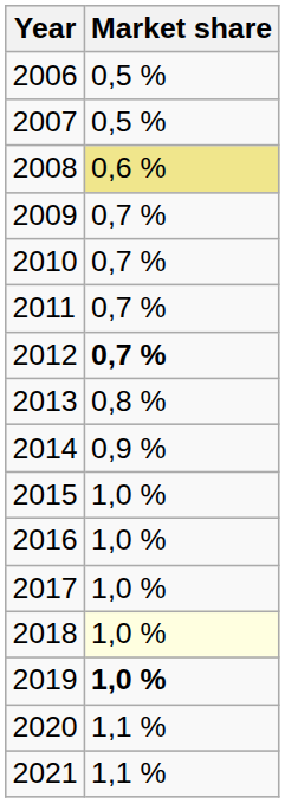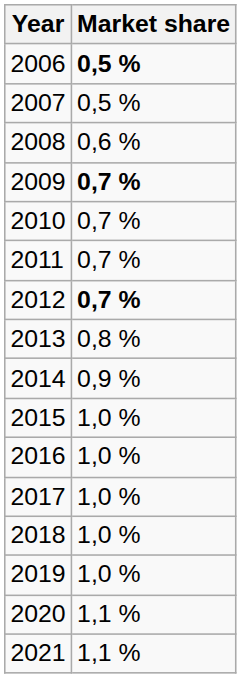 <table class="wikitable">
 <tr>
 <th>Year</th>
 <th>Market share</th>
 </tr>
 <tr>
 <td>2006</td>
-<td>0,5 %</td>
+<td><strong>0,5 %</strong></td>
 </tr>
 <tr>
 <td>2007</td>
 <td>0,5 %</td>
 </tr>
 <tr>
 <td>2008</td>
-<td style="background: khaki;">0,6 %</td>
+<td>0,6 %</td>
 </tr>
 <tr>
 <td>2009</td>
-<td>0,7 %</td>
+<td><strong>0,7 %</strong></td>
 </tr>
 <tr>
 <td>2010</td>
 <td>0,7 %</td>
 </tr>
 <tr>
 <td>2011</td>
 <td>0,7 %</td>
 </tr>
 <tr>
 <td>2012</td>
 <td><strong>0,7 %</strong></td>
 </tr>
 <tr>
 <td>2013</td>
 <td>0,8 %</td>
 </tr>
 <tr>
 <td>2014</td>
 <td>0,9 %</td>
 </tr>
 <tr>
 <td>2015</td>
 <td>1,0 %</td>
 </tr>
 <tr>
 <td>2016</td>
 <td>1,0 %</td>
 </tr>
 <tr>
 <td>2017</td>
 <td>1,0 %</td>
 </tr>
 <tr>
 <td>2018</td>
-<td style="background: lightyellow;">1,0 %</td>
+<td>1,0 %</td>
 </tr>
 <tr>
 <td>2019</td>
-<td><strong>1,0 %</strong></td>
+<td>1,0 %</td>
 </tr>
 <tr>
 <td>2020</td>
 <td>1,1 %</td>
 </tr>
 <tr>
 <td>2021</td>
 <td>1,1 %</td>
 </tr>
 </table>
